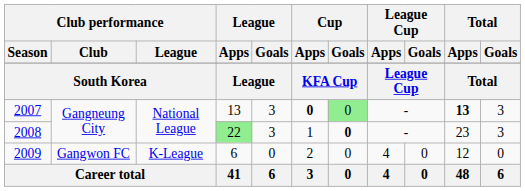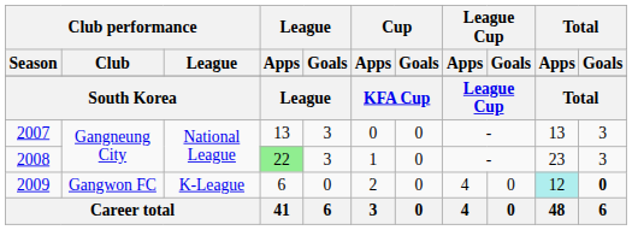 <table class="wikitable" style="text-align:center">
 <tr>
 <th colspan=3>Club performance</th>
 <th colspan=2>League</th>
 <th colspan=2>Cup</th>
 <th colspan=2>League Cup</th>
 <th colspan=2>Total</th>
 </tr>
 <tr>
 <th>Season</th>
 <th>Club</th>
 <th>League</th>
 <th>Apps</th>
 <th>Goals</th>
 <th>Apps</th>
 <th>Goals</th>
 <th>Apps</th>
 <th>Goals</th>
 <th>Apps</th>
 <th>Goals</th>
 </tr>
 <tr>
 </tr>
 <tr>
 <th colspan=3>South Korea</th>
 <th colspan=2>League</th>
 <th colspan=2><a href='#'>KFA Cup</a></th>
 <th colspan=2><a href='#'>League Cup</a></th>
 <th colspan=2>Total</th>
 </tr>
 <tr>
 <td><a href='#'>2007</a></td>
 <td rowspan=2><a href='#'>Gangneung City</a></td>
 <td rowspan=2><a href='#'>National League</a></td>
 <td>13</td>
 <td>3</td>
-<td><strong>0</strong></td>
-<td style="background: lightgreen;">0</td>
+<td>0</td>
+<td>0</td>
 <td colspan=2>-</td>
-<td><strong>13</strong></td>
+<td>13</td>
 <td>3</td>
 </tr>
 <tr>
 <td><a href='#'>2008</a></td>
 <td style="background: lightgreen;">22</td>
 <td>3</td>
 <td>1</td>
-<td><strong>0</strong></td>
+<td>0</td>
 <td colspan=2>-</td>
 <td>23</td>
 <td>3</td>
 </tr>
 <tr>
 <td><a href='#'>2009</a></td>
 <td rowspan=1><a href='#'>Gangwon FC</a></td>
 <td rowspan=1><a href='#'>K-League</a></td>
 <td>6</td>
 <td>0</td>
 <td>2</td>
 <td>0</td>
 <td>4</td>
 <td>0</td>
-<td>12</td>
-<td>0</td>
+<td style="background: paleturquoise;">12</td>
+<td><strong>0</strong></td>
 </tr>
 <tr>
 <th colspan=3>Career total</th>
 <th><strong>41</strong></th>
 <th><strong>6</strong></th>
 <th><strong>3</strong></th>
 <th><strong>0</strong></th>
 <th><strong>4</strong></th>
 <th><strong>0</strong></th>
 <th><strong>48</strong></th>
 <th><strong>6</strong></th>
 </tr>
 </table>
